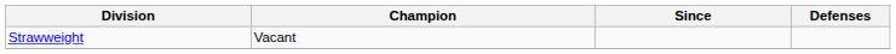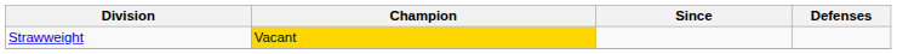 <table class="wikitable" width="65%">
 <tr>
 <th width="25%">Division</th>
 <th width="35%">Champion</th>
 <th width="20%">Since</th>
 <th width="10%">Defenses</th>
 </tr>
 <tr>
 <td><a href='#'>Strawweight</a></td>
-<td>Vacant</td>
+<td style="background: gold;">Vacant</td>
 <td></td>
 <td style="text-align:center;"></td>
 </tr>
 <tr>
 </tr>
 </table>
